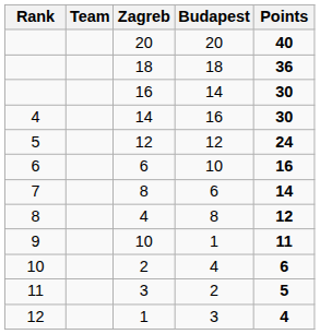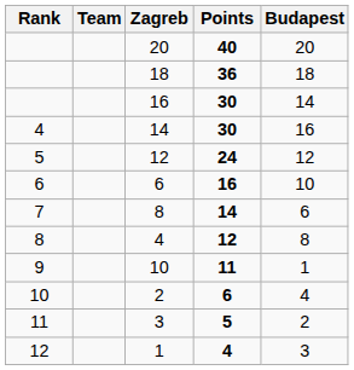 <table class="wikitable" style="text-align: center;">
 <tr>
 <th width="55">Rank</th>
 <th>Team</th>
 <th width="55">Zagreb</th>
+<th width="55">Points</th>
 <th width="55">Budapest</th>
-<th width="55">Points</th>
 </tr>
 <tr>
 <td></td>
 <td align="left"></td>
 <td>20</td>
+<td><strong>40</strong></td>
 <td>20</td>
-<td><strong>40</strong></td>
 </tr>
 <tr>
 <td></td>
 <td align="left"></td>
 <td>18</td>
+<td><strong>36</strong></td>
 <td>18</td>
-<td><strong>36</strong></td>
 </tr>
 <tr>
 <td></td>
 <td align="left"></td>
 <td>16</td>
+<td><strong>30</strong></td>
 <td>14</td>
-<td><strong>30</strong></td>
 </tr>
 <tr>
 <td>4</td>
 <td align="left"></td>
 <td>14</td>
+<td><strong>30</strong></td>
 <td>16</td>
-<td><strong>30</strong></td>
 </tr>
 <tr>
 <td>5</td>
 <td align="left"></td>
 <td>12</td>
+<td><strong>24</strong></td>
 <td>12</td>
-<td><strong>24</strong></td>
 </tr>
 <tr>
 <td>6</td>
 <td align="left"></td>
 <td>6</td>
+<td><strong>16</strong></td>
 <td>10</td>
-<td><strong>16</strong></td>
 </tr>
 <tr>
 <td>7</td>
 <td align="left"></td>
 <td>8</td>
+<td><strong>14</strong></td>
 <td>6</td>
-<td><strong>14</strong></td>
 </tr>
 <tr>
 <td>8</td>
 <td align="left"></td>
 <td>4</td>
+<td><strong>12</strong></td>
 <td>8</td>
-<td><strong>12</strong></td>
 </tr>
 <tr>
 <td>9</td>
 <td align="left"></td>
 <td>10</td>
+<td><strong>11</strong></td>
 <td>1</td>
-<td><strong>11</strong></td>
 </tr>
 <tr>
 <td>10</td>
 <td align="left"></td>
 <td>2</td>
+<td><strong>6</strong></td>
 <td>4</td>
-<td><strong>6</strong></td>
 </tr>
 <tr>
 <td>11</td>
 <td align="left"></td>
 <td>3</td>
+<td><strong>5</strong></td>
 <td>2</td>
-<td><strong>5</strong></td>
 </tr>
 <tr>
 <td>12</td>
 <td align="left"></td>
 <td>1</td>
+<td><strong>4</strong></td>
 <td>3</td>
-<td><strong>4</strong></td>
 </tr>
 </table>
